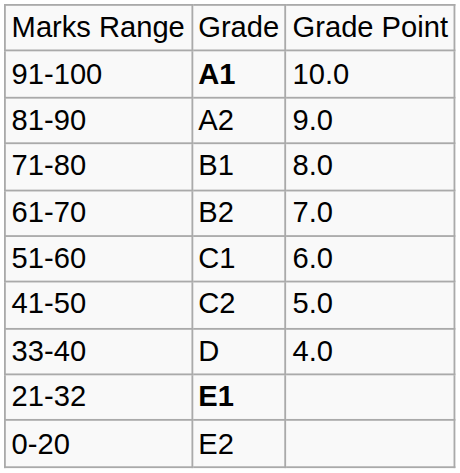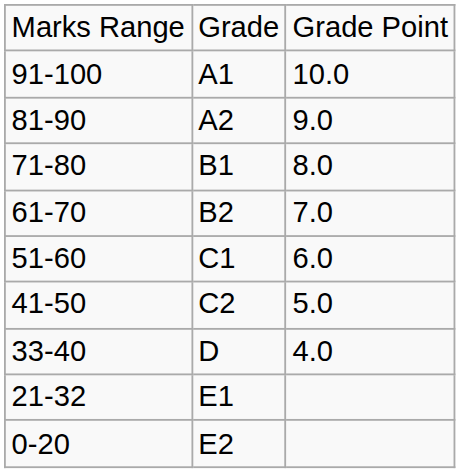 <table class="wikitable">
 <tr>
 <td>Marks Range</td>
 <td>Grade</td>
 <td>Grade Point</td>
 </tr>
 <tr>
 <td>91-100</td>
-<td><strong>A1</strong></td>
+<td>A1</td>
 <td>10.0</td>
 </tr>
 <tr>
 <td>81-90</td>
 <td>A2</td>
 <td>9.0</td>
 </tr>
 <tr>
 <td>71-80</td>
 <td>B1</td>
 <td>8.0</td>
 </tr>
 <tr>
 <td>61-70</td>
 <td>B2</td>
 <td>7.0</td>
 </tr>
 <tr>
 <td>51-60</td>
 <td>C1</td>
 <td>6.0</td>
 </tr>
 <tr>
 <td>41-50</td>
 <td>C2</td>
 <td>5.0</td>
 </tr>
 <tr>
 <td>33-40</td>
 <td>D</td>
 <td>4.0</td>
 </tr>
 <tr>
 <td>21-32</td>
-<td><strong>E1</strong></td>
+<td>E1</td>
 <td></td>
 </tr>
 <tr>
 <td>0-20</td>
 <td>E2</td>
 <td></td>
 </tr>
 </table>
